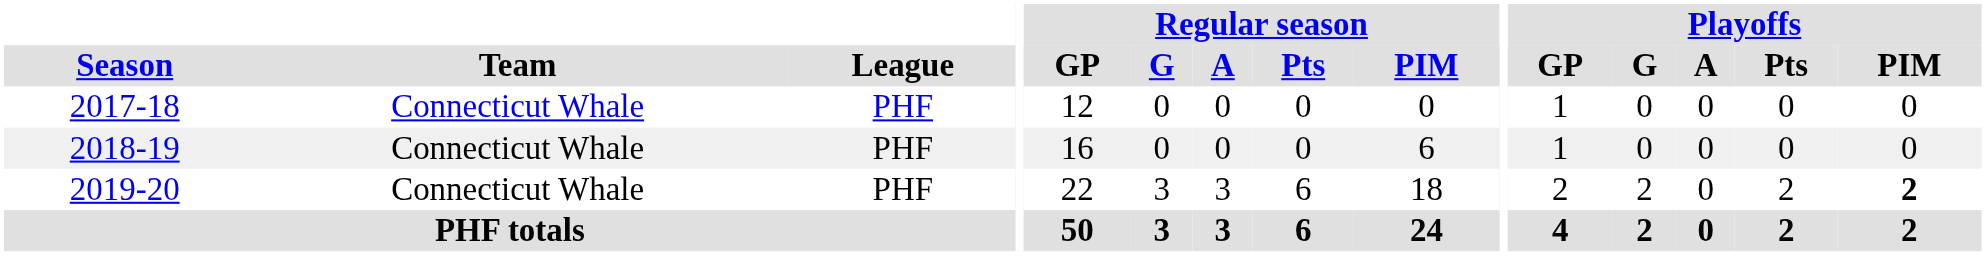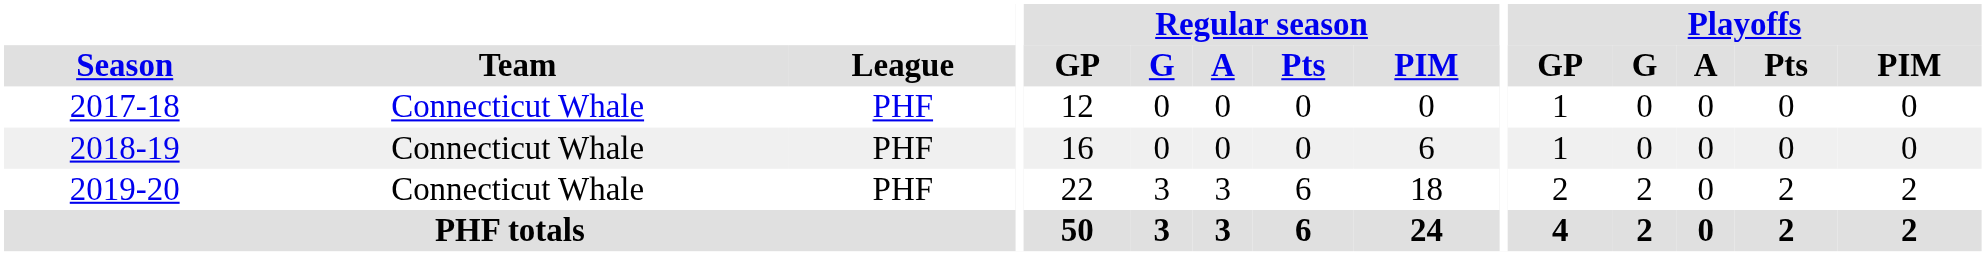 <table border="0" cellpadding="1" cellspacing="0" style="text-align:center; width:60em">
 <tr bgcolor="#e0e0e0">
 <th colspan="3" bgcolor="#ffffff"></th>
 <th rowspan="99" bgcolor="#ffffff"></th>
 <th colspan="5"><a href='#'>Regular season</a></th>
 <th rowspan="99" bgcolor="#ffffff"></th>
 <th colspan="5"><a href='#'>Playoffs</a></th>
 </tr>
 <tr bgcolor="#e0e0e0">
 <th><a href='#'>Season</a></th>
 <th>Team</th>
 <th>League</th>
 <th>GP</th>
 <th><a href='#'>G</a></th>
 <th><a href='#'>A</a></th>
 <th><a href='#'>Pts</a></th>
 <th><a href='#'>PIM</a></th>
 <th>GP</th>
 <th>G</th>
 <th>A</th>
 <th>Pts</th>
 <th>PIM</th>
 </tr>
 <tr>
 <td><a href='#'>2017-18</a></td>
 <td><a href='#'>Connecticut Whale</a></td>
 <td><a href='#'>PHF</a></td>
 <td>12</td>
 <td>0</td>
 <td>0</td>
 <td>0</td>
 <td>0</td>
 <td>1</td>
 <td>0</td>
 <td>0</td>
 <td>0</td>
 <td>0</td>
 </tr>
 <tr bgcolor="#f0f0f0">
 <td><a href='#'>2018-19</a></td>
 <td>Connecticut Whale</td>
 <td>PHF</td>
 <td>16</td>
 <td>0</td>
 <td>0</td>
 <td>0</td>
 <td>6</td>
 <td>1</td>
 <td>0</td>
 <td>0</td>
 <td>0</td>
 <td>0</td>
 </tr>
 <tr>
 <td><a href='#'>2019-20</a></td>
 <td>Connecticut Whale</td>
 <td>PHF</td>
 <td>22</td>
 <td>3</td>
 <td>3</td>
 <td>6</td>
 <td>18</td>
 <td>2</td>
 <td>2</td>
 <td>0</td>
 <td>2</td>
-<td><strong>2</strong></td>
+<td>2</td>
 </tr>
 <tr bgcolor="#e0e0e0">
 <th colspan="3">PHF totals</th>
 <th>50</th>
 <th>3</th>
 <th>3</th>
 <th>6</th>
 <th>24</th>
 <th>4</th>
 <th>2</th>
 <th>0</th>
 <th>2</th>
 <th>2</th>
 </tr>
 </table>
